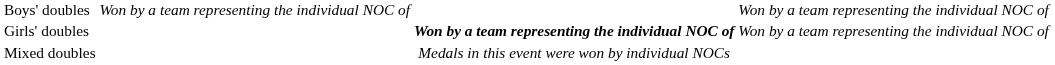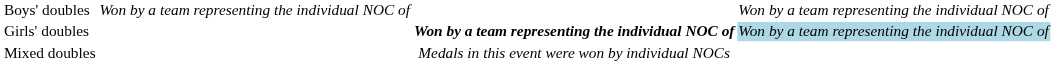 <table>
 <tr>
 <td>Boys' doubles<br></td>
 <td><em>Won by a team representing the individual NOC of </em></td>
 <td><br></td>
 <td><em>Won by a team representing the individual NOC of </em></td>
 </tr>
 <tr>
 <td>Girls' doubles<br></td>
 <td><br></td>
 <td><strong><em>Won by a team representing the individual NOC of </em></strong></td>
-<td><em>Won by a team representing the individual NOC of </em></td>
+<td style="background: lightblue;"><em>Won by a team representing the individual NOC of </em></td>
 </tr>
 <tr>
 <td>Mixed doubles<br></td>
 <td colspan=3 align=center><em>Medals in this event were won by individual NOCs</em></td>
 </tr>
 </table>
